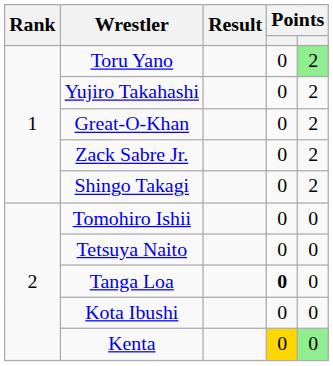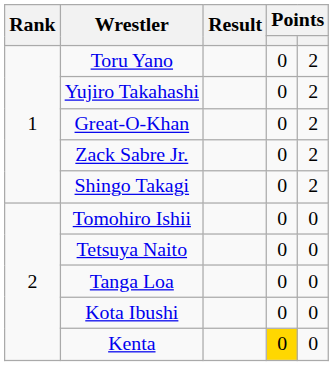 <table class="wikitable mw-collapsible mw-collapsed" plainrowheaders sortable" style="text-align: center">
 <tr>
 <th scope="col" rowspan="2">Rank</th>
 <th scope="col" rowspan="2">Wrestler</th>
 <th scope="col" rowspan="2">Result</th>
 <th scope="col" colspan="2">Points</th>
 </tr>
 <tr>
 <th></th>
 <th></th>
 </tr>
 <tr>
 <td rowspan="5">1</td>
 <td><a href='#'>Toru Yano</a></td>
 <td></td>
 <td>0</td>
-<td style="background: lightgreen;">2</td>
+<td>2</td>
 </tr>
 <tr>
 <td><a href='#'>Yujiro Takahashi</a></td>
 <td></td>
 <td>0</td>
 <td>2</td>
 </tr>
 <tr>
 <td><a href='#'>Great-O-Khan</a></td>
 <td></td>
 <td>0</td>
 <td>2</td>
 </tr>
 <tr>
 <td><a href='#'>Zack Sabre Jr.</a></td>
 <td></td>
 <td>0</td>
 <td>2</td>
 </tr>
 <tr>
 <td><a href='#'>Shingo Takagi</a></td>
 <td></td>
 <td>0</td>
 <td>2</td>
 </tr>
 <tr>
 <td rowspan="5">2</td>
 <td><a href='#'>Tomohiro Ishii</a></td>
 <td></td>
 <td>0</td>
 <td>0</td>
 </tr>
 <tr>
 <td><a href='#'>Tetsuya Naito</a></td>
 <td></td>
 <td>0</td>
 <td>0</td>
 </tr>
 <tr>
 <td><a href='#'>Tanga Loa</a></td>
 <td></td>
-<td><strong>0</strong></td>
+<td>0</td>
 <td>0</td>
 </tr>
 <tr>
 <td><a href='#'>Kota Ibushi</a></td>
 <td></td>
 <td>0</td>
 <td>0</td>
 </tr>
 <tr>
 <td><a href='#'>Kenta</a></td>
 <td></td>
 <td style="background: gold;">0</td>
-<td style="background: lightgreen;">0</td>
+<td>0</td>
 </tr>
 </table>
